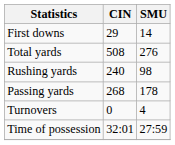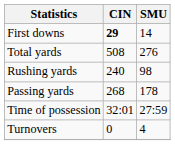 <table class="wikitable">
 <tr>
 <th>Statistics</th>
 <th>CIN</th>
 <th>SMU</th>
 </tr>
 <tr>
 <td>First downs</td>
-<td>29</td>
+<td><strong>29</strong></td>
 <td>14</td>
 </tr>
 <tr>
 <td>Total yards</td>
 <td>508</td>
 <td>276</td>
 </tr>
 <tr>
 <td>Rushing yards</td>
 <td>240</td>
 <td>98</td>
 </tr>
 <tr>
 <td>Passing yards</td>
 <td>268</td>
 <td>178</td>
 </tr>
 <tr>
+<td>Time of possession</td>
+<td>32:01</td>
+<td>27:59</td>
+</tr>
+<tr>
 <td>Turnovers</td>
 <td>0</td>
 <td>4</td>
 </tr>
 <tr>
-<td>Time of possession</td>
-<td>32:01</td>
-<td>27:59</td>
-</tr>
-<tr>
 </tr>
 </table>
